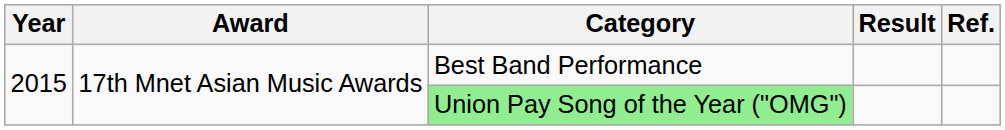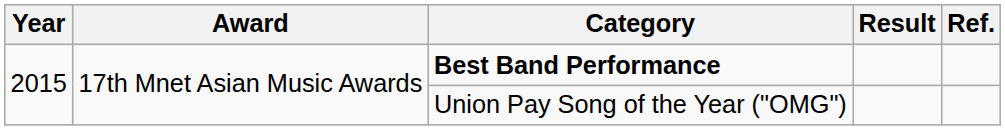 <table class="wikitable">
 <tr>
 <th>Year</th>
 <th>Award</th>
 <th>Category</th>
 <th>Result</th>
 <th>Ref.</th>
 </tr>
 <tr>
 <td rowspan="2">2015</td>
 <td rowspan="2">17th Mnet Asian Music Awards</td>
-<td>Best Band Performance</td>
+<td><strong>Best Band Performance</strong></td>
 <td></td>
 <td style="text-align:center;"></td>
 </tr>
 <tr>
-<td style="background: lightgreen;">Union Pay Song of the Year ("OMG")</td>
+<td>Union Pay Song of the Year ("OMG")</td>
 <td></td>
 <td style="text-align:center;"></td>
 </tr>
 </table>
